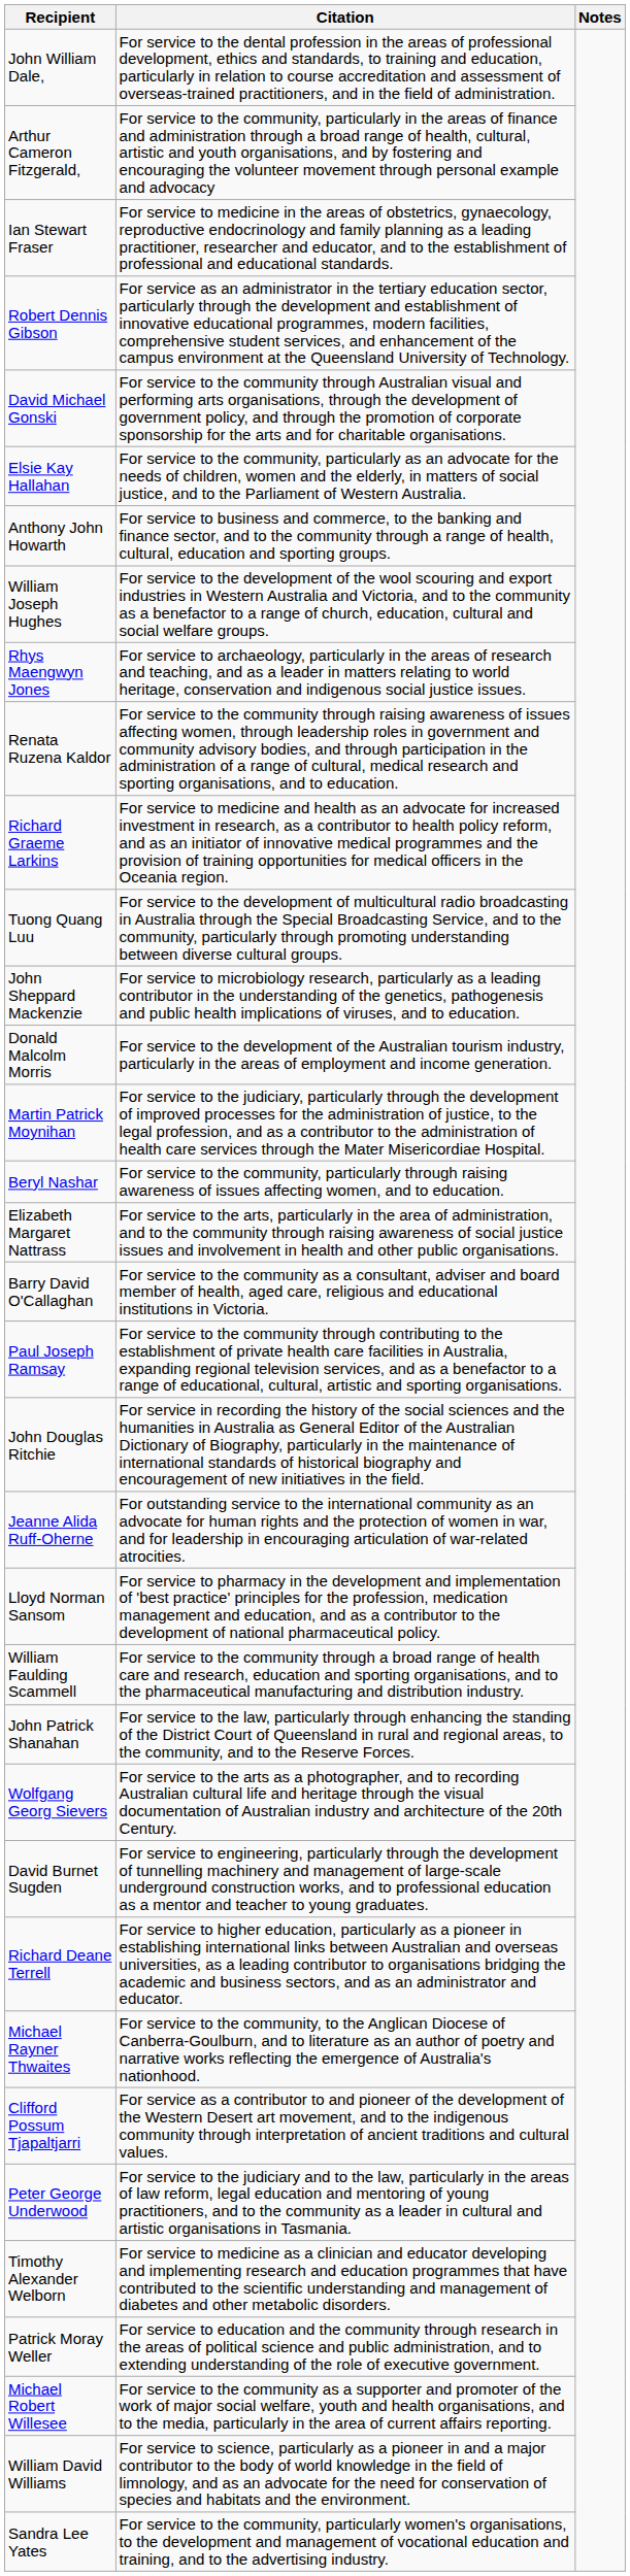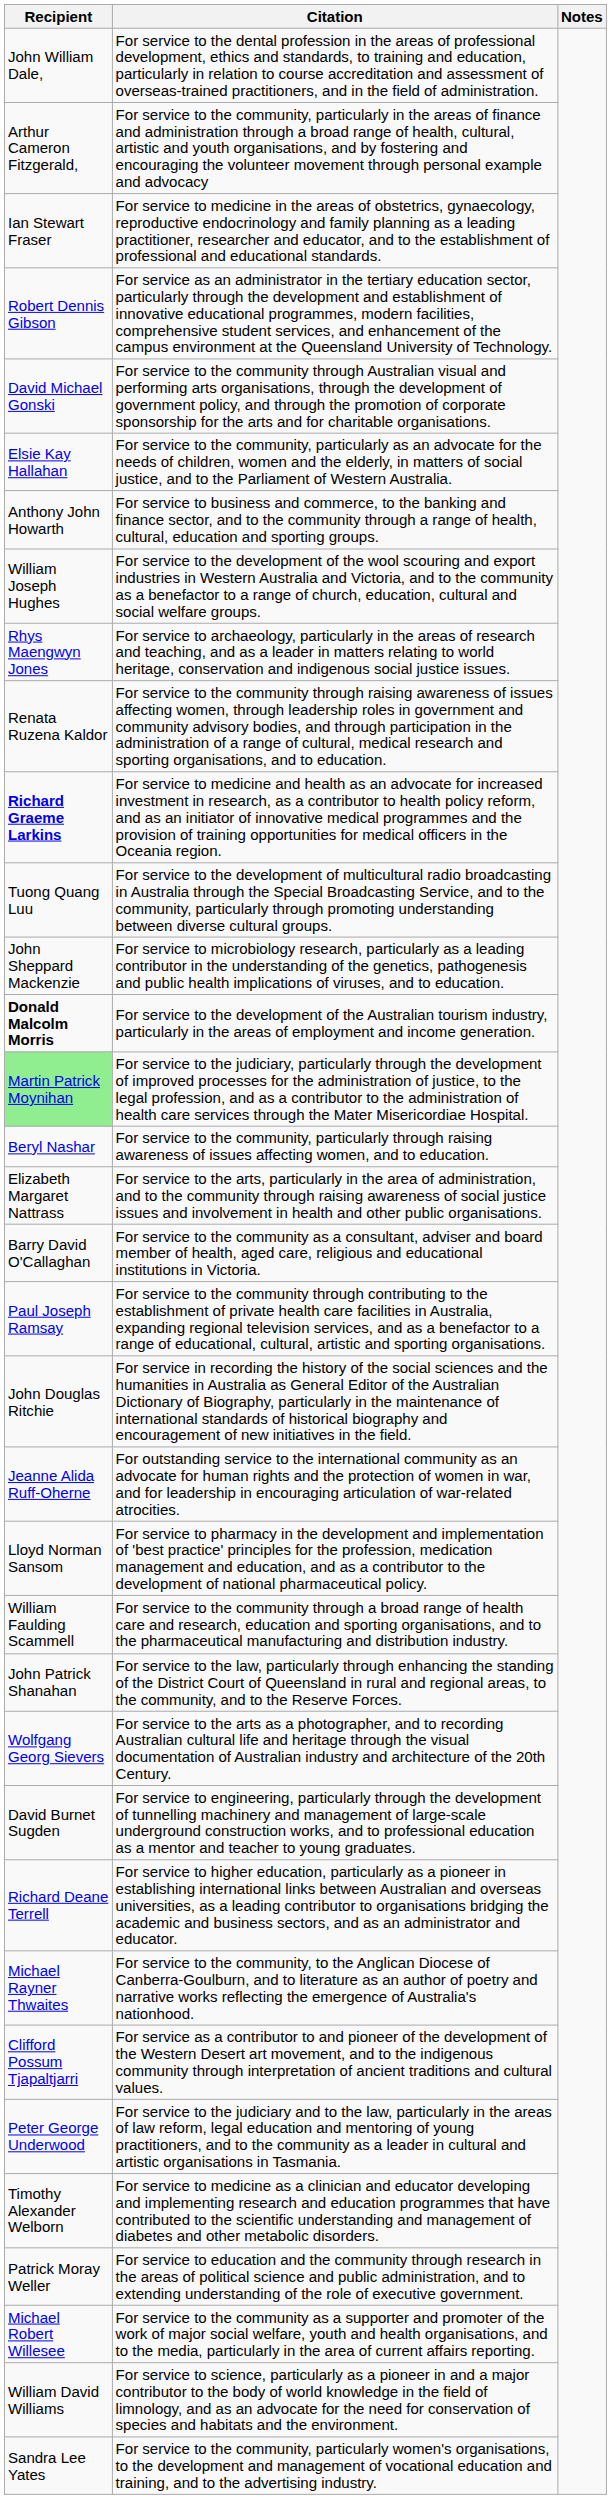 <table class="wikitable" style="font-size:95%;">
 <tr>
 <th>Recipient</th>
 <th>Citation</th>
 <th>Notes</th>
 </tr>
 <tr>
 <td> John William Dale, </td>
 <td>For service to the dental profession in the areas of professional development, ethics and standards, to training and education, particularly in relation to course accreditation and assessment of overseas-trained practitioners, and in the field of administration.</td>
 <td rowspan=35></td>
 </tr>
 <tr>
 <td>Arthur Cameron Fitzgerald, </td>
 <td>For service to the community, particularly in the areas of finance and administration through a broad range of health, cultural, artistic and youth organisations, and by fostering and encouraging the volunteer movement through personal example and advocacy</td>
 </tr>
 <tr>
 <td> Ian Stewart Fraser</td>
 <td>For service to medicine in the areas of obstetrics, gynaecology, reproductive endocrinology and family planning as a leading practitioner, researcher and educator, and to the establishment of professional and educational standards.</td>
 </tr>
 <tr>
 <td> <a href='#'>Robert Dennis Gibson</a></td>
 <td>For service as an administrator in the tertiary education sector, particularly through the development and establishment of innovative educational programmes, modern facilities, comprehensive student services, and enhancement of the campus environment at the Queensland University of Technology.</td>
 </tr>
 <tr>
 <td><a href='#'>David Michael Gonski</a></td>
 <td>For service to the community through Australian visual and performing arts organisations, through the development of government policy, and through the promotion of corporate sponsorship for the arts and for charitable organisations.</td>
 </tr>
 <tr>
 <td> <a href='#'>Elsie Kay Hallahan</a></td>
 <td>For service to the community, particularly as an advocate for the needs of children, women and the elderly, in matters of social justice, and to the Parliament of Western Australia.</td>
 </tr>
 <tr>
 <td>Anthony John Howarth</td>
 <td>For service to business and commerce, to the banking and finance sector, and to the community through a range of health, cultural, education and sporting groups.</td>
 </tr>
 <tr>
 <td>William Joseph Hughes</td>
 <td>For service to the development of the wool scouring and export industries in Western Australia and Victoria, and to the community as a benefactor to a range of church, education, cultural and social welfare groups.</td>
 </tr>
 <tr>
 <td> <a href='#'>Rhys Maengwyn Jones</a></td>
 <td>For service to archaeology, particularly in the areas of research and teaching, and as a leader in matters relating to world heritage, conservation and indigenous social justice issues.</td>
 </tr>
 <tr>
 <td>Renata Ruzena Kaldor</td>
 <td>For service to the community through raising awareness of issues affecting women, through leadership roles in government and community advisory bodies, and through participation in the administration of a range of cultural, medical research and sporting organisations, and to education.</td>
 </tr>
 <tr>
-<td> <a href='#'>Richard Graeme Larkins</a></td>
+<td><strong> <a href='#'>Richard Graeme Larkins</a></strong></td>
 <td>For service to medicine and health as an advocate for increased investment in research, as a contributor to health policy reform, and as an initiator of innovative medical programmes and the provision of training opportunities for medical officers in the Oceania region.</td>
 </tr>
 <tr>
 <td>Tuong Quang Luu</td>
 <td>For service to the development of multicultural radio broadcasting in Australia through the Special Broadcasting Service, and to the community, particularly through promoting understanding between diverse cultural groups.</td>
 </tr>
 <tr>
 <td> John Sheppard Mackenzie</td>
 <td>For service to microbiology research, particularly as a leading contributor in the understanding of the genetics, pathogenesis and public health implications of viruses, and to education.</td>
 </tr>
 <tr>
-<td>Donald Malcolm Morris</td>
+<td><strong>Donald Malcolm Morris</strong></td>
 <td>For service to the development of the Australian tourism industry, particularly in the areas of employment and income generation.</td>
 </tr>
 <tr>
-<td> <a href='#'>Martin Patrick Moynihan</a></td>
+<td style="background: lightgreen;"> <a href='#'>Martin Patrick Moynihan</a></td>
 <td>For service to the judiciary, particularly through the development of improved processes for the administration of justice, to the legal profession, and as a contributor to the administration of health care services through the Mater Misericordiae Hospital.</td>
 </tr>
 <tr>
 <td> <a href='#'>Beryl Nashar</a></td>
 <td>For service to the community, particularly through raising awareness of issues affecting women, and to education.</td>
 </tr>
 <tr>
 <td>Elizabeth Margaret Nattrass</td>
 <td>For service to the arts, particularly in the area of administration, and to the community through raising awareness of social justice issues and involvement in health and other public organisations.</td>
 </tr>
 <tr>
 <td>Barry David O'Callaghan</td>
 <td>For service to the community as a consultant, adviser and board member of health, aged care, religious and educational institutions in Victoria.</td>
 </tr>
 <tr>
 <td><a href='#'>Paul Joseph Ramsay</a></td>
 <td>For service to the community through contributing to the establishment of private health care facilities in Australia, expanding regional television services, and as a benefactor to a range of educational, cultural, artistic and sporting organisations.</td>
 </tr>
 <tr>
 <td> John Douglas Ritchie</td>
 <td>For service in recording the history of the social sciences and the humanities in Australia as General Editor of the Australian Dictionary of Biography, particularly in the maintenance of international standards of historical biography and encouragement of new initiatives in the field.</td>
 </tr>
 <tr>
 <td><a href='#'>Jeanne Alida Ruff-Oherne</a></td>
 <td>For outstanding service to the international community as an advocate for human rights and the protection of women in war, and for leadership in encouraging articulation of war-related atrocities.</td>
 </tr>
 <tr>
 <td> Lloyd Norman Sansom</td>
 <td>For service to pharmacy in the development and implementation of 'best practice' principles for the profession, medication management and education, and as a contributor to the development of national pharmaceutical policy.</td>
 </tr>
 <tr>
 <td>William Faulding Scammell</td>
 <td>For service to the community through a broad range of health care and research, education and sporting organisations, and to the pharmaceutical manufacturing and distribution industry.</td>
 </tr>
 <tr>
 <td>John Patrick Shanahan</td>
 <td>For service to the law, particularly through enhancing the standing of the District Court of Queensland in rural and regional areas, to the community, and to the Reserve Forces.</td>
 </tr>
 <tr>
 <td><a href='#'>Wolfgang Georg Sievers</a></td>
 <td>For service to the arts as a photographer, and to recording Australian cultural life and heritage through the visual documentation of Australian industry and architecture of the 20th Century.</td>
 </tr>
 <tr>
 <td>David Burnet Sugden</td>
 <td>For service to engineering, particularly through the development of tunnelling machinery and management of large-scale underground construction works, and to professional education as a mentor and teacher to young graduates.</td>
 </tr>
 <tr>
 <td> <a href='#'>Richard Deane Terrell</a></td>
 <td>For service to higher education, particularly as a pioneer in establishing international links between Australian and overseas universities, as a leading contributor to organisations bridging the academic and business sectors, and as an administrator and educator.</td>
 </tr>
 <tr>
 <td><a href='#'>Michael Rayner Thwaites</a></td>
 <td>For service to the community, to the Anglican Diocese of Canberra-Goulburn, and to literature as an author of poetry and narrative works reflecting the emergence of Australia's nationhood.</td>
 </tr>
 <tr>
 <td><a href='#'>Clifford Possum Tjapaltjarri</a></td>
 <td>For service as a contributor to and pioneer of the development of the Western Desert art movement, and to the indigenous community through interpretation of ancient traditions and cultural values.</td>
 </tr>
 <tr>
 <td> <a href='#'>Peter George Underwood</a></td>
 <td>For service to the judiciary and to the law, particularly in the areas of law reform, legal education and mentoring of young practitioners, and to the community as a leader in cultural and artistic organisations in Tasmania.</td>
 </tr>
 <tr>
 <td> Timothy Alexander Welborn</td>
 <td>For service to medicine as a clinician and educator developing and implementing research and education programmes that have contributed to the scientific understanding and management of diabetes and other metabolic disorders.</td>
 </tr>
 <tr>
 <td> Patrick Moray Weller</td>
 <td>For service to education and the community through research in the areas of political science and public administration, and to extending understanding of the role of executive government.</td>
 </tr>
 <tr>
 <td><a href='#'>Michael Robert Willesee</a></td>
 <td>For service to the community as a supporter and promoter of the work of major social welfare, youth and health organisations, and to the media, particularly in the area of current affairs reporting.</td>
 </tr>
 <tr>
 <td> William David Williams</td>
 <td>For service to science, particularly as a pioneer in and a major contributor to the body of world knowledge in the field of limnology, and as an advocate for the need for conservation of species and habitats and the environment.</td>
 </tr>
 <tr>
 <td>Sandra Lee Yates</td>
 <td>For service to the community, particularly women's organisations, to the development and management of vocational education and training, and to the advertising industry.</td>
 </tr>
 </table>
